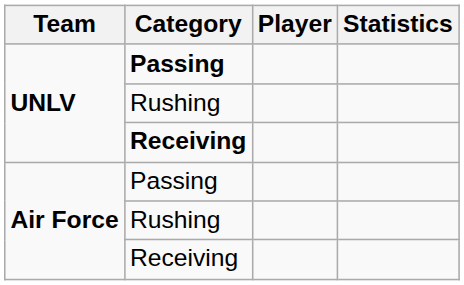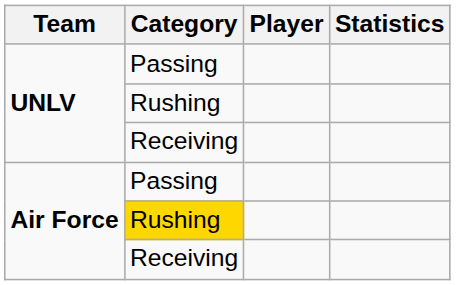 <table class="wikitable" style="float: left;">
 <tr>
 <th>Team</th>
 <th>Category</th>
 <th>Player</th>
 <th>Statistics</th>
 </tr>
 <tr>
 <td rowspan=3><strong>UNLV</strong></td>
-<td><strong>Passing</strong></td>
-<td></td>
-<td></td>
-</tr>
-<tr>
-<td>Rushing</td>
-<td></td>
-<td></td>
-</tr>
-<tr>
-<td><strong>Receiving</strong></td>
-<td></td>
-<td></td>
-</tr>
-<tr>
-<td rowspan=3><strong>Air Force</strong></td>
 <td>Passing</td>
 <td></td>
 <td></td>
 </tr>
 <tr>
 <td>Rushing</td>
 <td></td>
 <td></td>
 </tr>
 <tr>
 <td>Receiving</td>
 <td></td>
 <td></td>
 </tr>
+<tr>
+<td rowspan=3><strong>Air Force</strong></td>
+<td>Passing</td>
+<td></td>
+<td></td>
+</tr>
+<tr>
+<td style="background: gold;">Rushing</td>
+<td></td>
+<td></td>
+</tr>
+<tr>
+<td>Receiving</td>
+<td></td>
+<td></td>
+</tr>
 </table>
